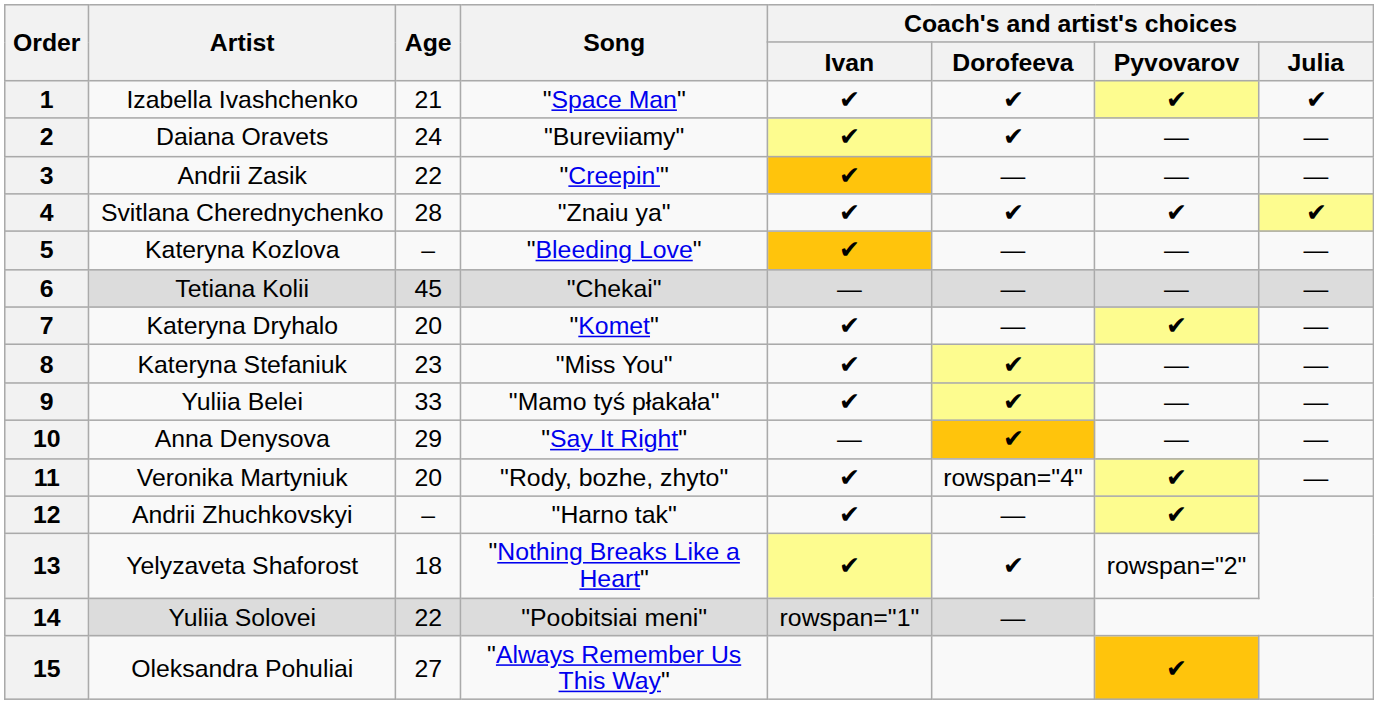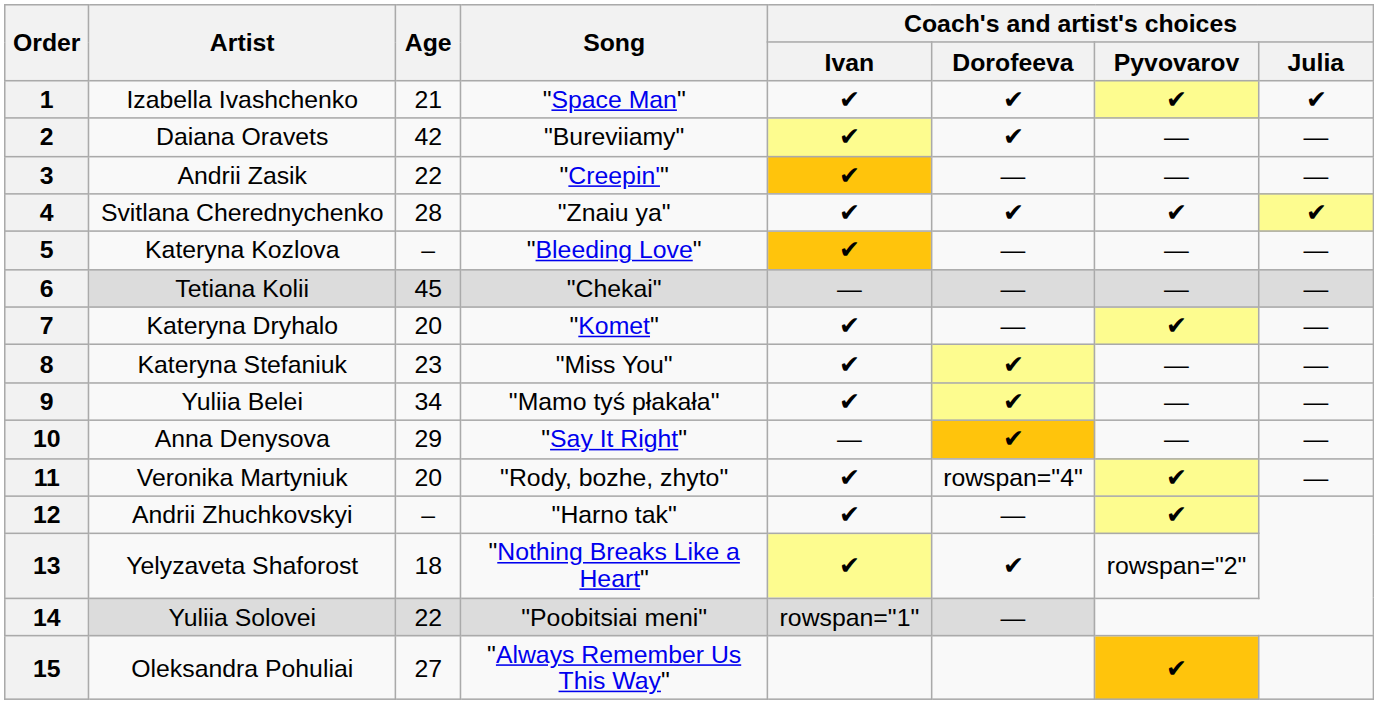 <table class="wikitable" style="text-align:center; line-height:17px; width:100%">
 <tr>
 <th rowspan="2" scope="col" style="width:03%">Order</th>
 <th rowspan="2" scope="col" style="width:20%">Artist</th>
 <th rowspan="2" scope="col" style="width:04%">Age</th>
 <th rowspan="2" scope="col" style="width:20%">Song</th>
 <th colspan="4" scope="col" style="width:28%">Coach's and artist's choices</th>
 </tr>
 <tr>
 <th style="width:7.5%">Ivan</th>
 <th style="width:7.5%">Dorofeeva</th>
 <th style="width:7.5%">Pyvovarov</th>
 <th style="width:7.5%">Julia</th>
 </tr>
 <tr>
 <th>1</th>
 <td>Izabella Ivashchenko</td>
 <td>21</td>
 <td>"<a href='#'>Space Man</a>"</td>
 <td>✔</td>
 <td>✔</td>
 <td style="background:#fdfc8f">✔</td>
 <td>✔</td>
 </tr>
 <tr>
 <th>2</th>
 <td>Daiana Oravets</td>
-<td>24</td>
+<td>42</td>
 <td>"Bureviiamy"</td>
 <td style="background:#fdfc8f">✔</td>
 <td>✔</td>
 <td>—</td>
 <td>—</td>
 </tr>
 <tr>
 <th>3</th>
 <td>Andrii Zasik</td>
 <td>22</td>
 <td>"<a href='#'>Creepin'</a>"</td>
 <td style="background:#ffc40c">✔</td>
 <td>—</td>
 <td>—</td>
 <td>—</td>
 </tr>
 <tr>
 <th>4</th>
 <td>Svitlana Cherednychenko</td>
 <td>28</td>
 <td>"Znaiu ya"</td>
 <td>✔</td>
 <td>✔</td>
 <td>✔</td>
 <td style="background:#fdfc8f">✔</td>
 </tr>
 <tr>
 <th>5</th>
 <td>Kateryna Kozlova</td>
 <td>–</td>
 <td>"<a href='#'>Bleeding Love</a>"</td>
 <td style="background:#ffc40c">✔</td>
 <td>—</td>
 <td>—</td>
 <td>—</td>
 </tr>
 <tr style="background:#dcdcdc">
 <th>6</th>
 <td>Tetiana Kolii</td>
 <td>45</td>
 <td>"Chekai"</td>
 <td>—</td>
 <td>—</td>
 <td>—</td>
 <td>—</td>
 </tr>
 <tr>
 <th>7</th>
 <td>Kateryna Dryhalo</td>
 <td>20</td>
 <td>"<a href='#'>Komet</a>"</td>
 <td>✔</td>
 <td>—</td>
 <td style="background:#fdfc8f">✔</td>
 <td>—</td>
 </tr>
 <tr>
 <th>8</th>
 <td>Kateryna Stefaniuk</td>
 <td>23</td>
 <td>"Miss You"</td>
 <td>✔</td>
 <td style="background:#fdfc8f">✔</td>
 <td>—</td>
 <td>—</td>
 </tr>
 <tr>
 <th>9</th>
 <td>Yuliia Belei</td>
-<td>33</td>
+<td>34</td>
 <td>"Mamo tyś płakała"</td>
 <td>✔</td>
 <td style="background:#fdfc8f">✔</td>
 <td>—</td>
 <td>—</td>
 </tr>
 <tr>
 <th>10</th>
 <td>Anna Denysova</td>
 <td>29</td>
 <td>"<a href='#'>Say It Right</a>"</td>
 <td>—</td>
 <td style="background:#ffc40c">✔</td>
 <td>—</td>
 <td>—</td>
 </tr>
 <tr>
 <th>11</th>
 <td>Veronika Martyniuk</td>
 <td>20</td>
 <td>"Rody, bozhe, zhyto"</td>
 <td>✔</td>
 <td>rowspan="4" </td>
 <td style="background:#fdfc8f">✔</td>
 <td>—</td>
 </tr>
 <tr>
 <th>12</th>
 <td>Andrii Zhuchkovskyi</td>
 <td>–</td>
 <td>"Harno tak"</td>
 <td>✔</td>
 <td>—</td>
 <td style="background:#fdfc8f">✔</td>
 </tr>
 <tr>
 <th>13</th>
 <td>Yelyzaveta Shaforost</td>
 <td>18</td>
 <td>"<a href='#'>Nothing Breaks Like a Heart</a>"</td>
 <td style="background:#fdfc8f">✔</td>
 <td>✔</td>
 <td>rowspan="2" </td>
 </tr>
 <tr style="background:#dcdcdc">
 <th>14</th>
 <td>Yuliia Solovei</td>
 <td>22</td>
 <td>"Poobitsiai meni"</td>
 <td>rowspan="1" </td>
 <td>—</td>
 </tr>
 <tr>
 <th>15</th>
 <td>Oleksandra Pohuliai</td>
 <td>27</td>
 <td>"<a href='#'>Always Remember Us This Way</a>"</td>
 <td></td>
 <td></td>
 <td style="background:#ffc40c">✔</td>
 <td></td>
 </tr>
 </table>
